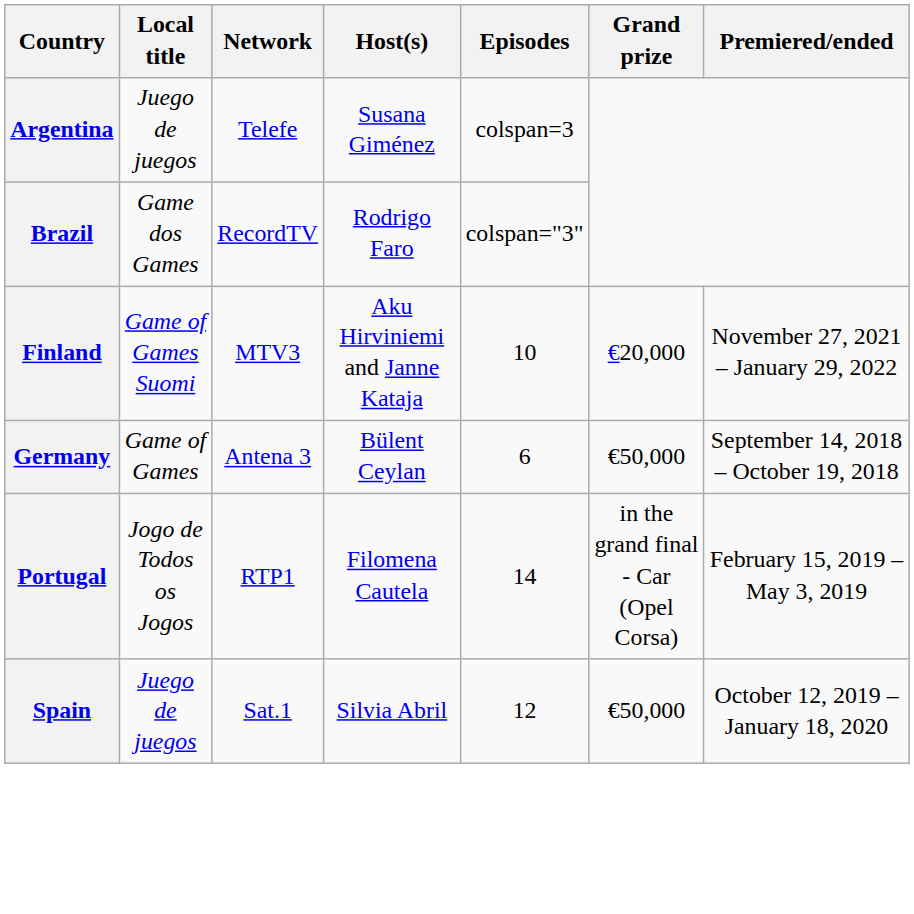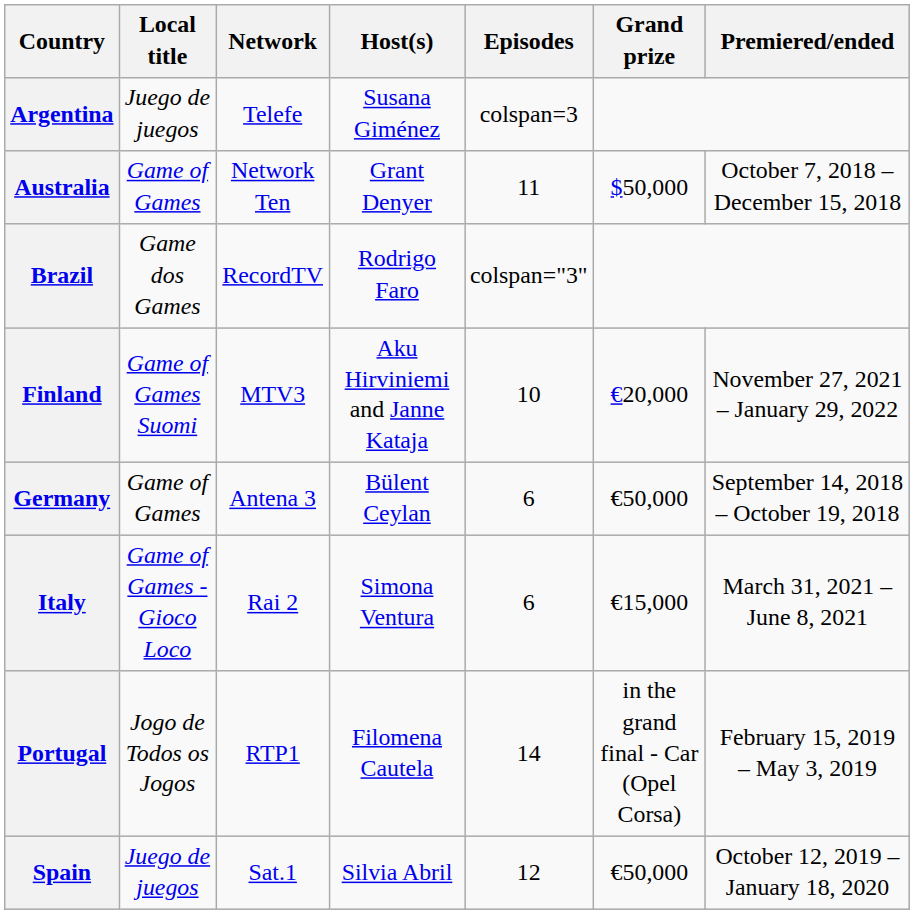 <table class="wikitable plainrowheaders" style="text-align:center; line-height:1.3em;">
 <tr>
 <th>Country</th>
 <th>Local title</th>
 <th>Network</th>
 <th>Host(s)</th>
 <th>Episodes</th>
 <th>Grand prize</th>
 <th>Premiered/ended</th>
 </tr>
 <tr>
 <th><a href='#'>Argentina</a></th>
 <td><em>Juego de juegos</em></td>
 <td><a href='#'>Telefe</a></td>
 <td><a href='#'>Susana Giménez</a></td>
 <td>colspan=3 </td>
+</tr>
+<tr>
+<th><a href='#'>Australia</a></th>
+<td><em><a href='#'>Game of Games</a></em></td>
+<td><a href='#'>Network Ten</a></td>
+<td><a href='#'>Grant Denyer</a></td>
+<td>11</td>
+<td><a href='#'>$</a>50,000</td>
+<td>October 7, 2018 – December 15, 2018</td>
 </tr>
 <tr>
 <th><a href='#'>Brazil</a></th>
 <td><em>Game dos Games</em></td>
 <td><a href='#'>RecordTV</a></td>
 <td><a href='#'>Rodrigo Faro</a></td>
 <td>colspan="3" </td>
 </tr>
 <tr>
 <th><a href='#'>Finland</a></th>
 <td><em><a href='#'>Game of Games Suomi</a></em></td>
 <td><a href='#'>MTV3</a></td>
 <td><a href='#'>Aku Hirviniemi</a> and <a href='#'>Janne Kataja</a></td>
 <td>10</td>
 <td><a href='#'>€</a>20,000</td>
 <td>November 27, 2021 – January 29, 2022</td>
 </tr>
 <tr>
 <th><a href='#'>Germany</a></th>
 <td><em>Game of Games</em></td>
 <td><a href='#'>Antena 3</a></td>
 <td><a href='#'>Bülent Ceylan</a></td>
 <td>6</td>
 <td>€50,000</td>
 <td>September 14, 2018 – October 19, 2018</td>
 </tr>
 <tr>
+<th><a href='#'>Italy</a></th>
+<td><em><a href='#'>Game of Games - Gioco Loco</a></em></td>
+<td><a href='#'>Rai 2</a></td>
+<td><a href='#'>Simona Ventura</a></td>
+<td>6</td>
+<td>€15,000</td>
+<td>March 31, 2021 – June 8, 2021</td>
+</tr>
+<tr>
 <th><a href='#'>Portugal</a></th>
 <td><em>Jogo de Todos os Jogos</em></td>
 <td><a href='#'>RTP1</a></td>
 <td><a href='#'>Filomena Cautela</a></td>
 <td>14</td>
 <td>in the grand final - Car (Opel Corsa)</td>
 <td>February 15, 2019 – May 3, 2019</td>
 </tr>
 <tr>
 <th><a href='#'>Spain</a></th>
 <td><em><a href='#'>Juego de juegos</a></em></td>
 <td><a href='#'>Sat.1</a></td>
 <td><a href='#'>Silvia Abril</a></td>
 <td>12</td>
 <td>€50,000</td>
 <td>October 12, 2019 – January 18, 2020</td>
 </tr>
 </table>
